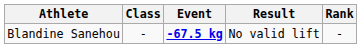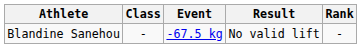 <table class="wikitable" style="font-size:90%">
 <tr>
 <th>Athlete</th>
 <th>Class</th>
 <th>Event</th>
 <th>Result</th>
 <th>Rank</th>
 </tr>
 <tr>
 <td rowspan="2">Blandine Sanehou</td>
 <td rowspan="2" align=center>-</td>
-<td><strong><a href='#'>-67.5 kg</a></strong></td>
+<td><a href='#'>-67.5 kg</a></td>
 <td align="center">No valid lift</td>
 <td align="center">-</td>
 </tr>
 </table>
